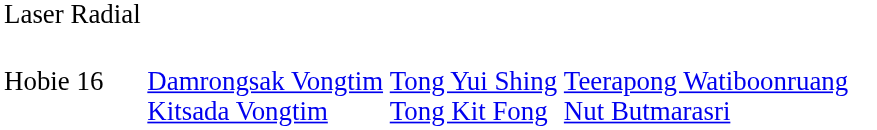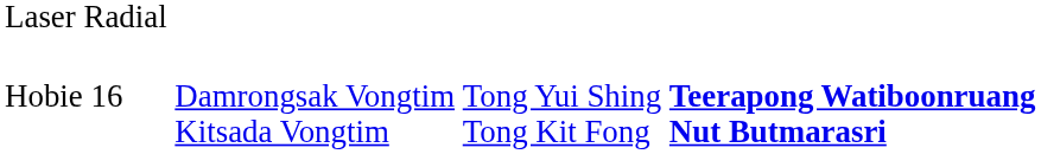 <table>
 <tr>
 <td>Laser Radial</td>
 <td></td>
 <td></td>
 <td></td>
 </tr>
 <tr>
 <td>Hobie 16</td>
 <td><br><a href='#'>Damrongsak Vongtim</a><br><a href='#'>Kitsada Vongtim</a></td>
 <td><br><a href='#'>Tong Yui Shing</a><br><a href='#'>Tong Kit Fong</a></td>
-<td><br><a href='#'>Teerapong Watiboonruang</a><br><a href='#'>Nut Butmarasri</a></td>
+<td><strong><br><a href='#'>Teerapong Watiboonruang</a><br><a href='#'>Nut Butmarasri</a></strong></td>
 </tr>
 </table>
